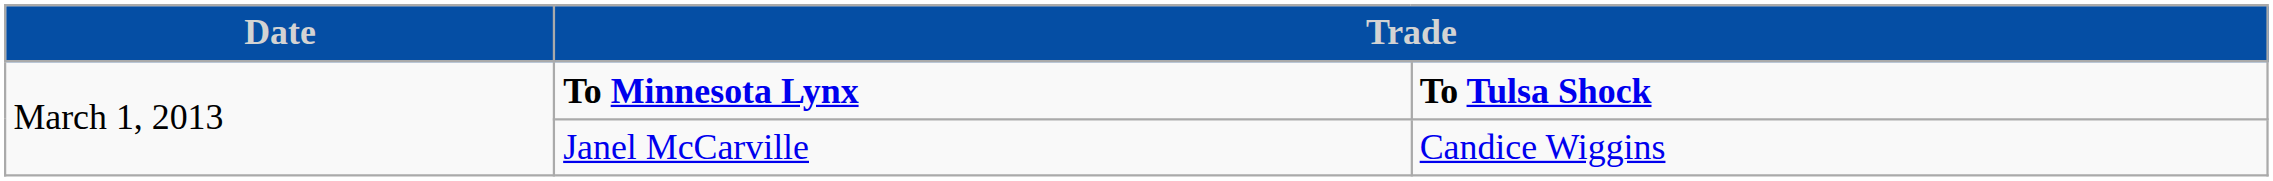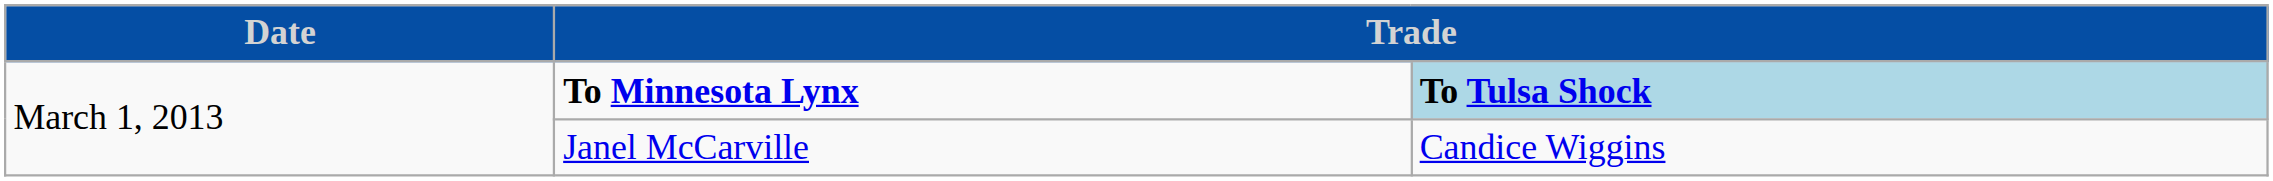 <table class="wikitable" style="width:80%">
 <tr>
 <th style="background:#054EA4;color:#D3D3D3; width=125">Date</th>
 <th style="background:#054EA4;color:#D3D3D3;" colspan=2>Trade</th>
 </tr>
 <tr>
 <td rowspan=2>March 1, 2013</td>
 <td width=375><strong>To <a href='#'>Minnesota Lynx</a></strong></td>
-<td width=375><strong>To <a href='#'>Tulsa Shock</a></strong></td>
+<td width=375 style="background: lightblue;"><strong>To <a href='#'>Tulsa Shock</a></strong></td>
 </tr>
 <tr>
 <td><a href='#'>Janel McCarville</a></td>
 <td><a href='#'>Candice Wiggins</a></td>
 </tr>
 </table>
